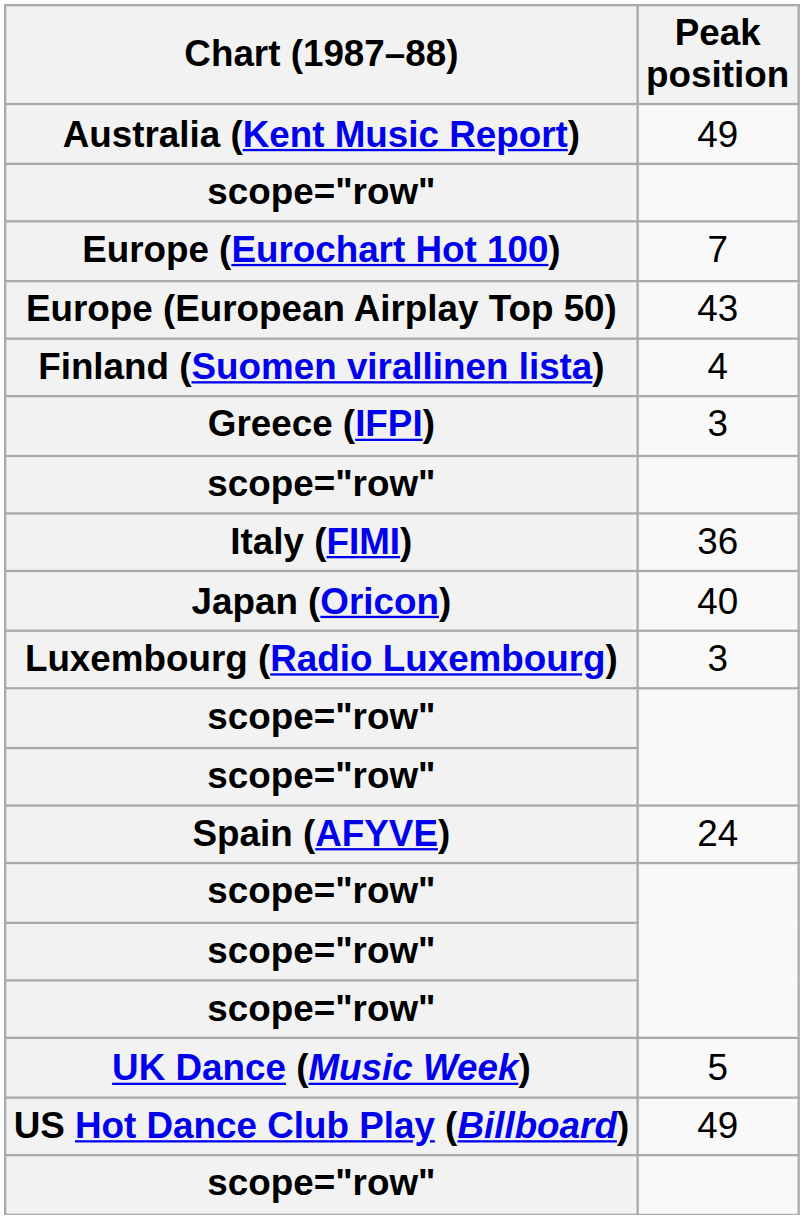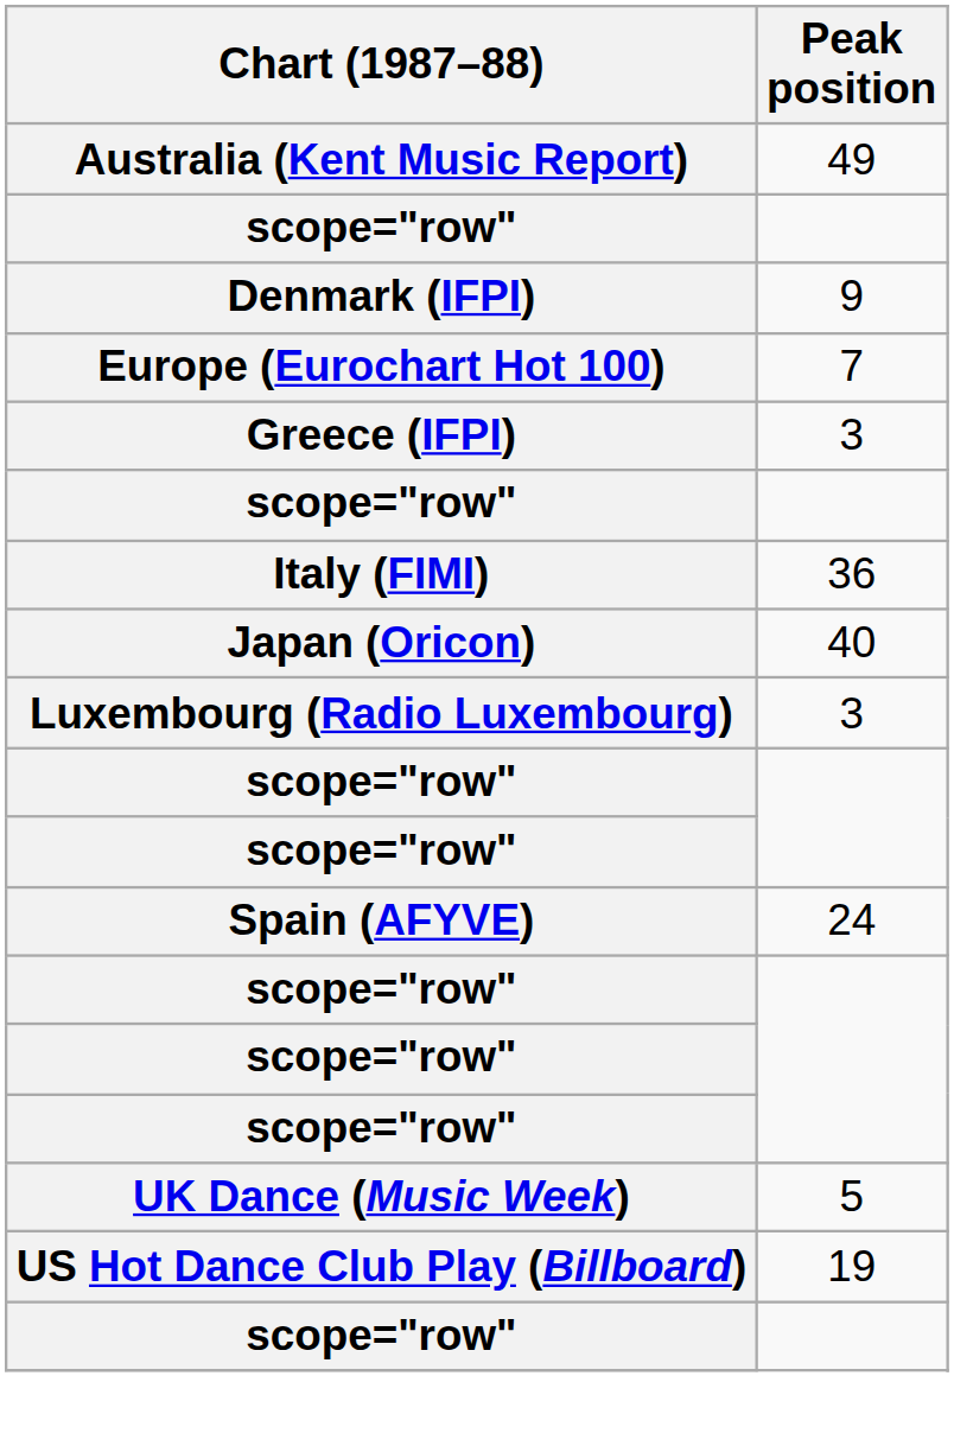 <table class="wikitable sortable plainrowheaders">
 <tr>
 <th>Chart (1987–88)</th>
 <th>Peak<br>position</th>
 </tr>
 <tr>
 <th scope="row">Australia (<a href='#'>Kent Music Report</a>)</th>
 <td align="center">49</td>
 </tr>
 <tr>
 <th>scope="row"</th>
 </tr>
 <tr>
+<th scope="row">Denmark (<a href='#'>IFPI</a>)</th>
+<td align="center">9</td>
+</tr>
+<tr>
 <th scope="row">Europe (<a href='#'>Eurochart Hot 100</a>)</th>
 <td style="text-align:center;">7</td>
-</tr>
-<tr>
-<th scope="row">Europe (European Airplay Top 50)</th>
-<td align="center">43</td>
-</tr>
-<tr>
-<th scope="row">Finland (<a href='#'>Suomen virallinen lista</a>)</th>
-<td align="center">4</td>
 </tr>
 <tr>
 <th scope="row">Greece (<a href='#'>IFPI</a>)</th>
 <td align="center">3</td>
 </tr>
 <tr>
 <th>scope="row"</th>
 </tr>
 <tr>
 <th scope="row">Italy (<a href='#'>FIMI</a>)</th>
 <td align="center">36</td>
 </tr>
 <tr>
 <th scope="row">Japan (<a href='#'>Oricon</a>)</th>
 <td align="center">40</td>
 </tr>
 <tr>
 <th scope="row">Luxembourg (<a href='#'>Radio Luxembourg</a>)</th>
 <td align="center">3</td>
 </tr>
 <tr>
 <th>scope="row"</th>
 </tr>
 <tr>
 <th>scope="row"</th>
 </tr>
 <tr>
 <th scope="row">Spain (<a href='#'>AFYVE</a>)</th>
 <td align="center">24</td>
 </tr>
 <tr>
 <th>scope="row"</th>
 </tr>
 <tr>
 <th>scope="row"</th>
 </tr>
 <tr>
 <th>scope="row"</th>
 </tr>
 <tr>
 <th scope="row"><a href='#'>UK Dance</a> (<em><a href='#'>Music Week</a></em>)</th>
 <td align="center">5</td>
 </tr>
 <tr>
 <th scope="row">US <a href='#'>Hot Dance Club Play</a> (<em><a href='#'>Billboard</a></em>)</th>
-<td align="center">49</td>
+<td align="center">19</td>
 </tr>
 <tr>
 <th>scope="row"</th>
 </tr>
 <tr>
 </tr>
 </table>
